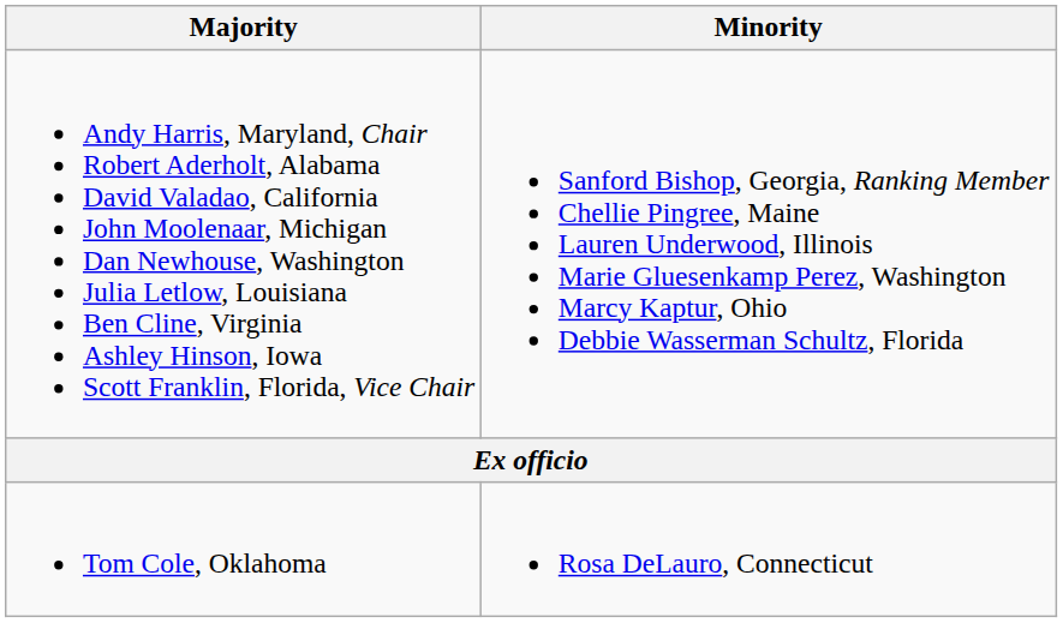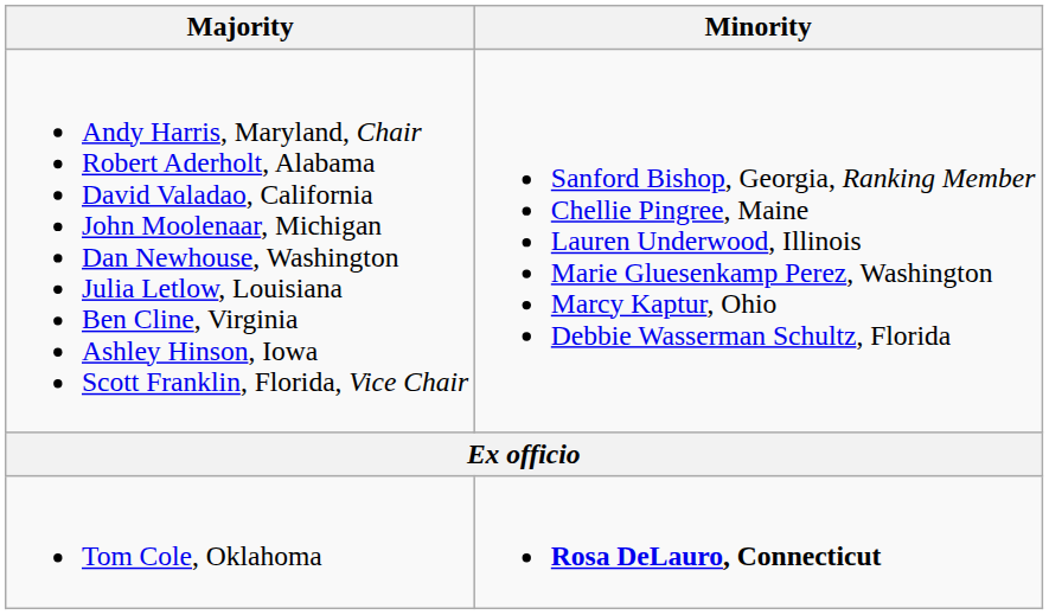 <table class=wikitable>
 <tr>
 <th>Majority</th>
 <th>Minority</th>
 </tr>
 <tr>
 <td><br><ul><li><a href='#'>Andy Harris</a>, Maryland, <em>Chair</em></li><li><a href='#'>Robert Aderholt</a>, Alabama</li><li><a href='#'>David Valadao</a>, California</li><li><a href='#'>John Moolenaar</a>, Michigan</li><li><a href='#'>Dan Newhouse</a>, Washington</li><li><a href='#'>Julia Letlow</a>, Louisiana</li><li><a href='#'>Ben Cline</a>, Virginia</li><li><a href='#'>Ashley Hinson</a>, Iowa</li><li><a href='#'>Scott Franklin</a>, Florida, <em>Vice Chair</em></li></ul></td>
 <td><br><ul><li><a href='#'>Sanford Bishop</a>, Georgia, <em>Ranking Member</em></li><li><a href='#'>Chellie Pingree</a>, Maine</li><li><a href='#'>Lauren Underwood</a>, Illinois</li><li><a href='#'>Marie Gluesenkamp Perez</a>, Washington</li><li><a href='#'>Marcy Kaptur</a>, Ohio</li><li><a href='#'>Debbie Wasserman Schultz</a>, Florida</li></ul></td>
 </tr>
 <tr>
 <th colspan=2><em>Ex officio</em></th>
 </tr>
 <tr>
 <td><br><ul><li><a href='#'>Tom Cole</a>, Oklahoma</li></ul></td>
-<td><br><ul><li><a href='#'>Rosa DeLauro</a>, Connecticut</li></ul></td>
+<td><strong><br><ul><li><a href='#'>Rosa DeLauro</a>, Connecticut</li></ul></strong></td>
 </tr>
 </table>
